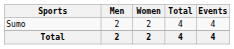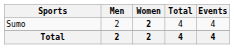 <table class="wikitable sortable" style="text-align:center;">
 <tr>
 <th width=150>Sports</th>
 <th width=45>Men</th>
 <th width=45>Women</th>
 <th width=45>Total</th>
 <th width=45>Events</th>
 </tr>
 <tr>
 <td align=left>Sumo</td>
 <td>2</td>
-<td>2</td>
+<td><strong>2</strong></td>
 <td>4</td>
 <td>4</td>
 </tr>
 <tr>
 </tr>
 <tr class="sortbottom">
 <th>Total</th>
 <th>2</th>
 <th>2</th>
 <th>4</th>
 <th>4</th>
 </tr>
 </table>
